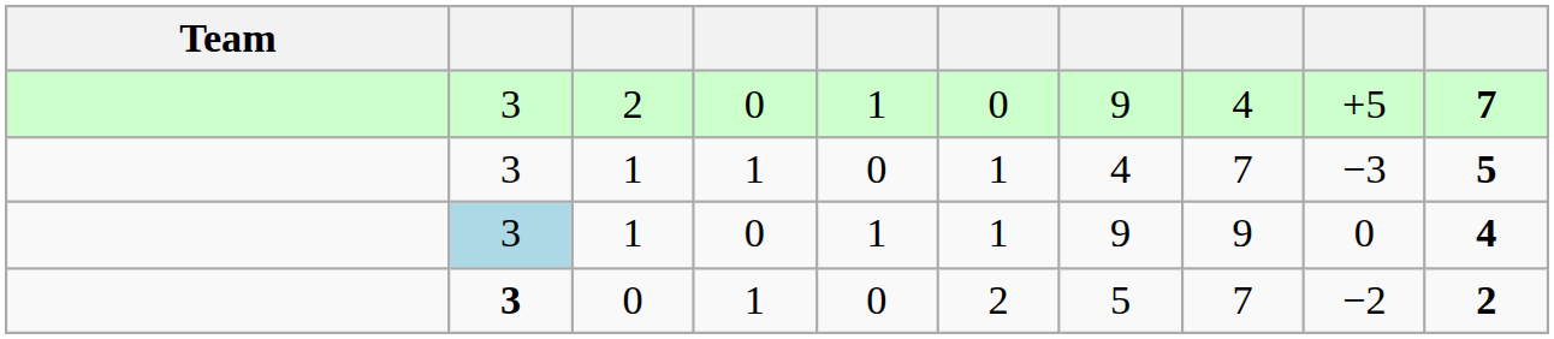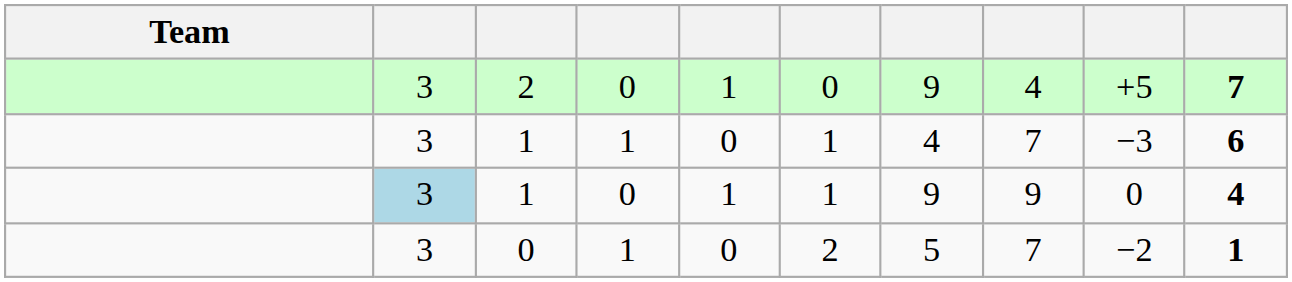 <table class="wikitable" style="text-align:center;">
 <tr>
 <th width=165>Team</th>
 <th width=40></th>
 <th width=40></th>
 <th width=40></th>
 <th width=40></th>
 <th width=40></th>
 <th width=40></th>
 <th width=40></th>
 <th width=40></th>
 <th width=40></th>
 </tr>
 <tr bgcolor=ccffcc>
 <td style="text-align:left;"></td>
 <td>3</td>
 <td>2</td>
 <td>0</td>
 <td>1</td>
 <td>0</td>
 <td>9</td>
 <td>4</td>
 <td>+5</td>
 <td><strong>7</strong></td>
 </tr>
 <tr>
 <td style="text-align:left;"></td>
 <td>3</td>
 <td>1</td>
 <td>1</td>
 <td>0</td>
 <td>1</td>
 <td>4</td>
 <td>7</td>
 <td>−3</td>
-<td><strong>5</strong></td>
+<td><strong>6</strong></td>
 </tr>
 <tr>
 <td style="text-align:left;"></td>
 <td style="background: lightblue;">3</td>
 <td>1</td>
 <td>0</td>
 <td>1</td>
 <td>1</td>
 <td>9</td>
 <td>9</td>
 <td>0</td>
 <td><strong>4</strong></td>
 </tr>
 <tr>
 <td style="text-align:left;"></td>
-<td><strong>3</strong></td>
+<td>3</td>
 <td>0</td>
 <td>1</td>
 <td>0</td>
 <td>2</td>
 <td>5</td>
 <td>7</td>
 <td>−2</td>
-<td><strong>2</strong></td>
+<td><strong>1</strong></td>
 </tr>
 </table>
